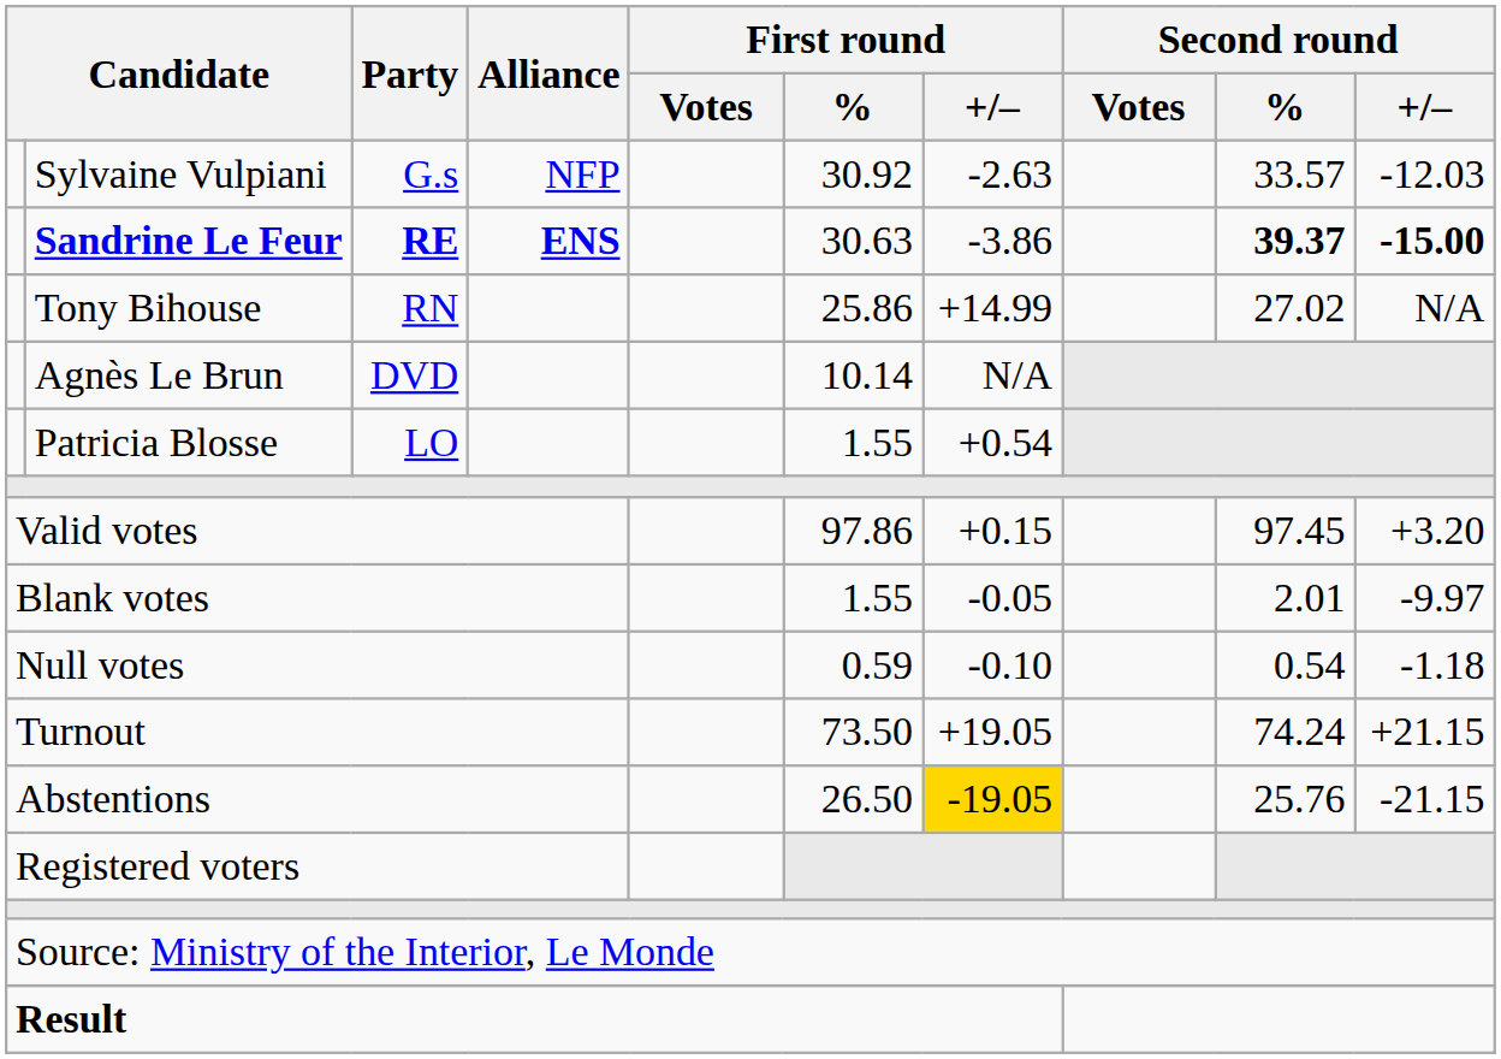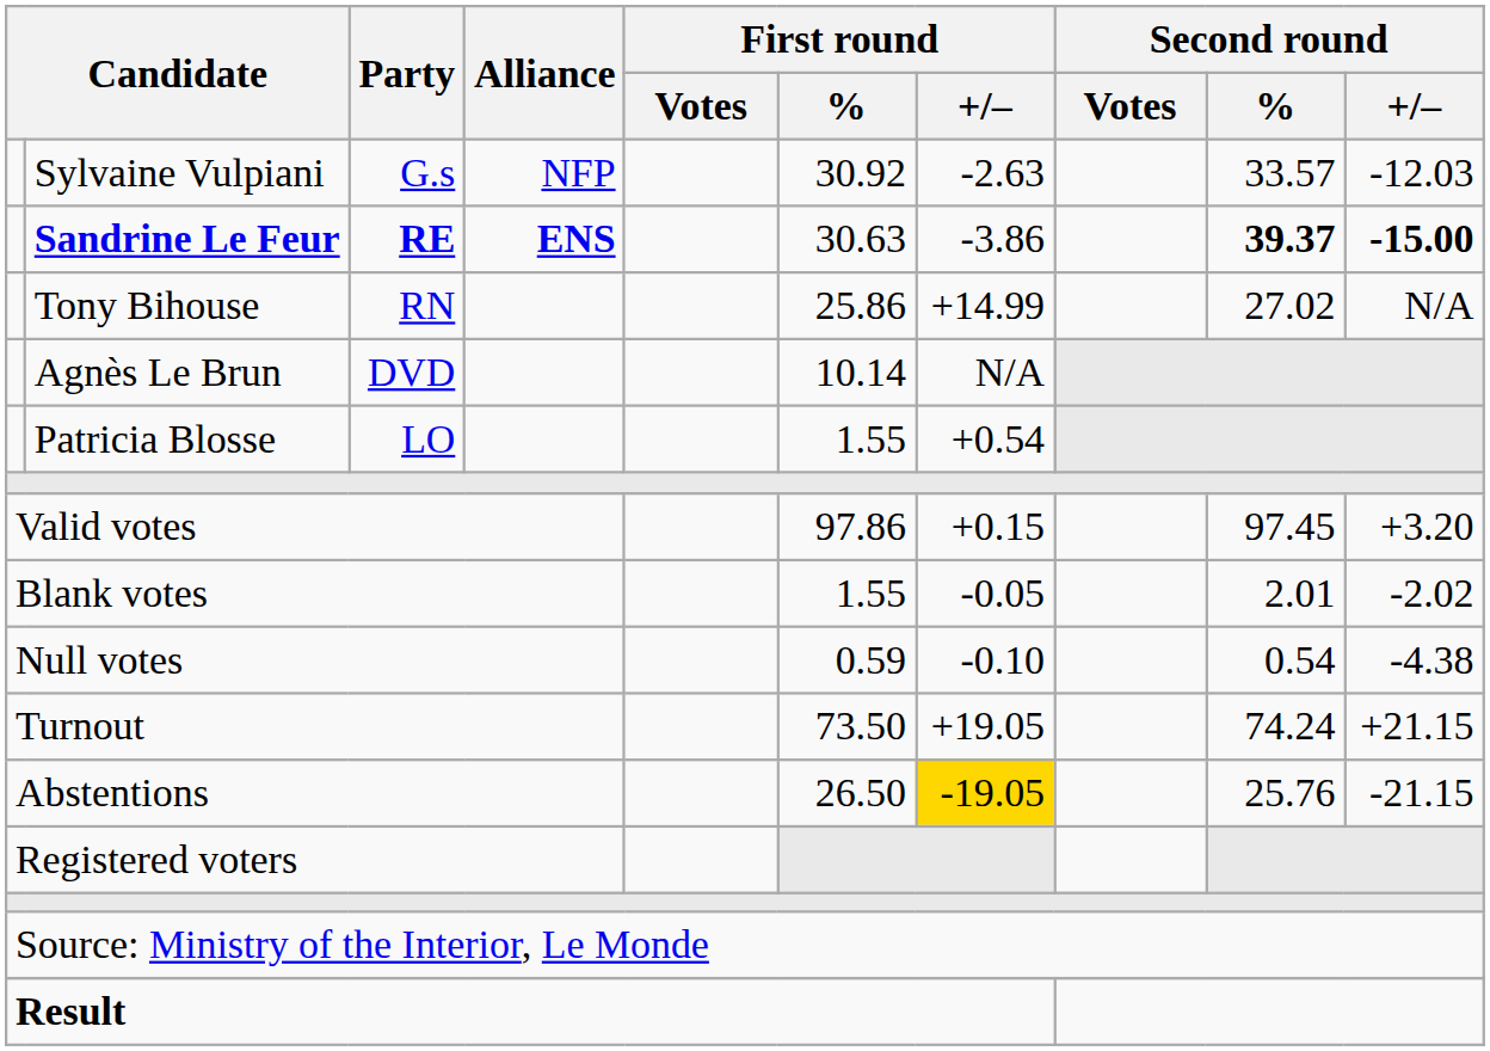 <table class="wikitable" style="text-align:right;font-size:95%;">
 <tr>
 <th rowspan="2" colspan="2">Candidate</th>
 <th rowspan="2">Party</th>
 <th rowspan="2">Alliance</th>
 <th colspan="3">First round</th>
 <th colspan="3">Second round</th>
 </tr>
 <tr>
 <th style="width:50px;">Votes</th>
 <th style="width:45px;">%</th>
 <th style="width:45px;">+/–</th>
 <th style="width:50px;">Votes</th>
 <th style="width:45px;">%</th>
 <th style="width:45px;">+/–</th>
 </tr>
 <tr>
 <td style="color:inherit;background:"></td>
 <td style="text-align:left;">Sylvaine Vulpiani</td>
 <td><a href='#'>G.s</a></td>
 <td><a href='#'>NFP</a></td>
 <td></td>
 <td>30.92</td>
 <td>-2.63</td>
 <td></td>
 <td>33.57</td>
 <td>-12.03</td>
 </tr>
 <tr>
 <td style="color:inherit;background:"></td>
 <td style="text-align:left;"><strong><a href='#'>Sandrine Le Feur</a></strong></td>
 <td><a href='#'><strong>RE</strong></a></td>
 <td><a href='#'><strong>ENS</strong></a></td>
 <td></td>
 <td>30.63</td>
 <td>-3.86</td>
 <td><strong></strong></td>
 <td><strong>39.37</strong></td>
 <td><strong>-15.00</strong></td>
 </tr>
 <tr>
 <td style="color:inherit;background:"></td>
 <td style="text-align:left;">Tony Bihouse</td>
 <td><a href='#'>RN</a></td>
 <td></td>
 <td></td>
 <td>25.86</td>
 <td>+14.99</td>
 <td></td>
 <td>27.02</td>
 <td>N/A</td>
 </tr>
 <tr>
 <td style="color:inherit;background:"></td>
 <td style="text-align:left;">Agnès Le Brun</td>
 <td><a href='#'>DVD</a></td>
 <td></td>
 <td></td>
 <td>10.14</td>
 <td>N/A</td>
 <td colspan="3" style="background:#E9E9E9;"></td>
 </tr>
 <tr>
 <td style="color:inherit;background:"></td>
 <td style="text-align:left;">Patricia Blosse</td>
 <td><a href='#'>LO</a></td>
 <td></td>
 <td></td>
 <td>1.55</td>
 <td>+0.54</td>
 <td colspan="3" style="background:#E9E9E9;"></td>
 </tr>
 <tr>
 <td colspan="10" style="background:#E9E9E9;"></td>
 </tr>
 <tr>
 <td colspan="4" style="text-align:left;">Valid votes</td>
 <td></td>
 <td>97.86</td>
 <td>+0.15</td>
 <td></td>
 <td>97.45</td>
 <td>+3.20</td>
 </tr>
 <tr>
 <td colspan="4" style="text-align:left;">Blank votes</td>
 <td></td>
 <td>1.55</td>
 <td>-0.05</td>
 <td></td>
 <td>2.01</td>
-<td>-9.97</td>
+<td>-2.02</td>
 </tr>
 <tr>
 <td colspan="4" style="text-align:left;">Null votes</td>
 <td></td>
 <td>0.59</td>
 <td>-0.10</td>
 <td></td>
 <td>0.54</td>
-<td>-1.18</td>
+<td>-4.38</td>
 </tr>
 <tr>
 <td colspan="4" style="text-align:left;">Turnout</td>
 <td></td>
 <td>73.50</td>
 <td>+19.05</td>
 <td></td>
 <td>74.24</td>
 <td>+21.15</td>
 </tr>
 <tr>
 <td colspan="4" style="text-align:left;">Abstentions</td>
 <td></td>
 <td>26.50</td>
 <td style="background: gold;">-19.05</td>
 <td></td>
 <td>25.76</td>
 <td>-21.15</td>
 </tr>
 <tr>
 <td colspan="4" style="text-align:left;">Registered voters</td>
 <td></td>
 <td colspan="2" style="background:#E9E9E9;"></td>
 <td></td>
 <td colspan="2" style="background:#E9E9E9;"></td>
 </tr>
 <tr>
 <td colspan="10" style="background:#E9E9E9;"></td>
 </tr>
 <tr>
 <td colspan="10" style="text-align:left;">Source: <a href='#'>Ministry of the Interior</a>, <a href='#'>Le Monde</a></td>
 </tr>
 <tr>
 </tr>
 <tr style="font-weight:bold">
 <td colspan="7" style="text-align:left;">Result</td>
 <td colspan="7" style="background-color:"></td>
 </tr>
 </table>
